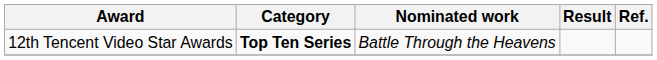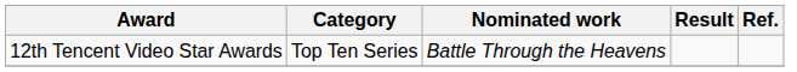 <table class="wikitable">
 <tr>
 <th>Award</th>
 <th>Category</th>
 <th>Nominated work</th>
 <th>Result</th>
 <th>Ref.</th>
 </tr>
 <tr>
 <td>12th Tencent Video Star Awards</td>
-<td><strong>Top Ten Series</strong></td>
+<td>Top Ten Series</td>
 <td><em>Battle Through the Heavens</em></td>
 <td></td>
 <td></td>
 </tr>
 <tr>
 </tr>
 </table>
